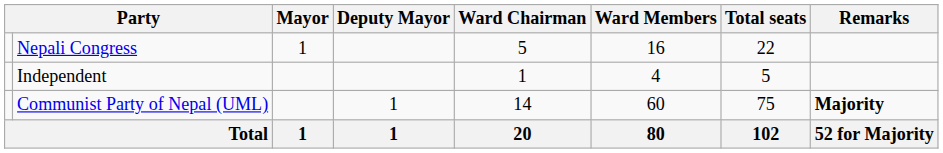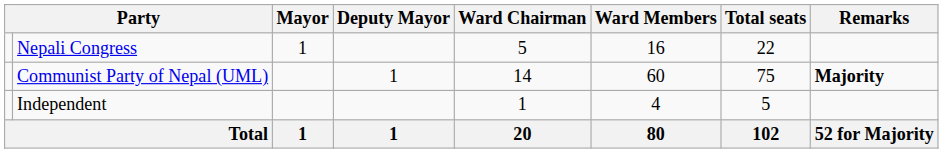 <table class="wikitable sortable">
 <tr>
 <th colspan="2" style="text-align:centre;">Party</th>
 <th>Mayor</th>
 <th>Deputy Mayor</th>
 <th>Ward Chairman</th>
 <th>Ward Members</th>
 <th>Total seats</th>
 <th>Remarks</th>
 </tr>
 <tr>
 <td style="background-color:"></td>
 <td style="text-align:left;"><a href='#'>Nepali Congress</a></td>
 <td style="text-align:center;">1</td>
 <td style="text-align:center;"></td>
 <td style="text-align:center;">5</td>
 <td style="text-align:center;">16</td>
 <td style="text-align:center;">22</td>
 <td></td>
 </tr>
 <tr>
 <td style="background-color:"></td>
+<td style="text-align:left;"><a href='#'>Communist Party of Nepal (UML)</a></td>
+<td></td>
+<td style="text-align:center;">1</td>
+<td style="text-align:center;">14</td>
+<td style="text-align:center;">60</td>
+<td style="text-align:center;">75</td>
+<td><strong>Majority</strong></td>
+</tr>
+<tr>
+<td style="background-color:"></td>
 <td style="text-align:left;">Independent</td>
 <td style="text-align:center;"></td>
 <td></td>
 <td style="text-align:center;">1</td>
 <td style="text-align:center;">4</td>
 <td style="text-align:center;">5</td>
 <td></td>
-</tr>
-<tr>
-<td style="background-color:"></td>
-<td style="text-align:left;"><a href='#'>Communist Party of Nepal (UML)</a></td>
-<td></td>
-<td style="text-align:center;">1</td>
-<td style="text-align:center;">14</td>
-<td style="text-align:center;">60</td>
-<td style="text-align:center;">75</td>
-<td><strong>Majority</strong></td>
 </tr>
 <tr>
 <th colspan="2" style="text-align:right;">Total</th>
 <th>1</th>
 <th>1</th>
 <th>20</th>
 <th>80</th>
 <th>102</th>
 <th>52 for Majority</th>
 </tr>
 </table>
